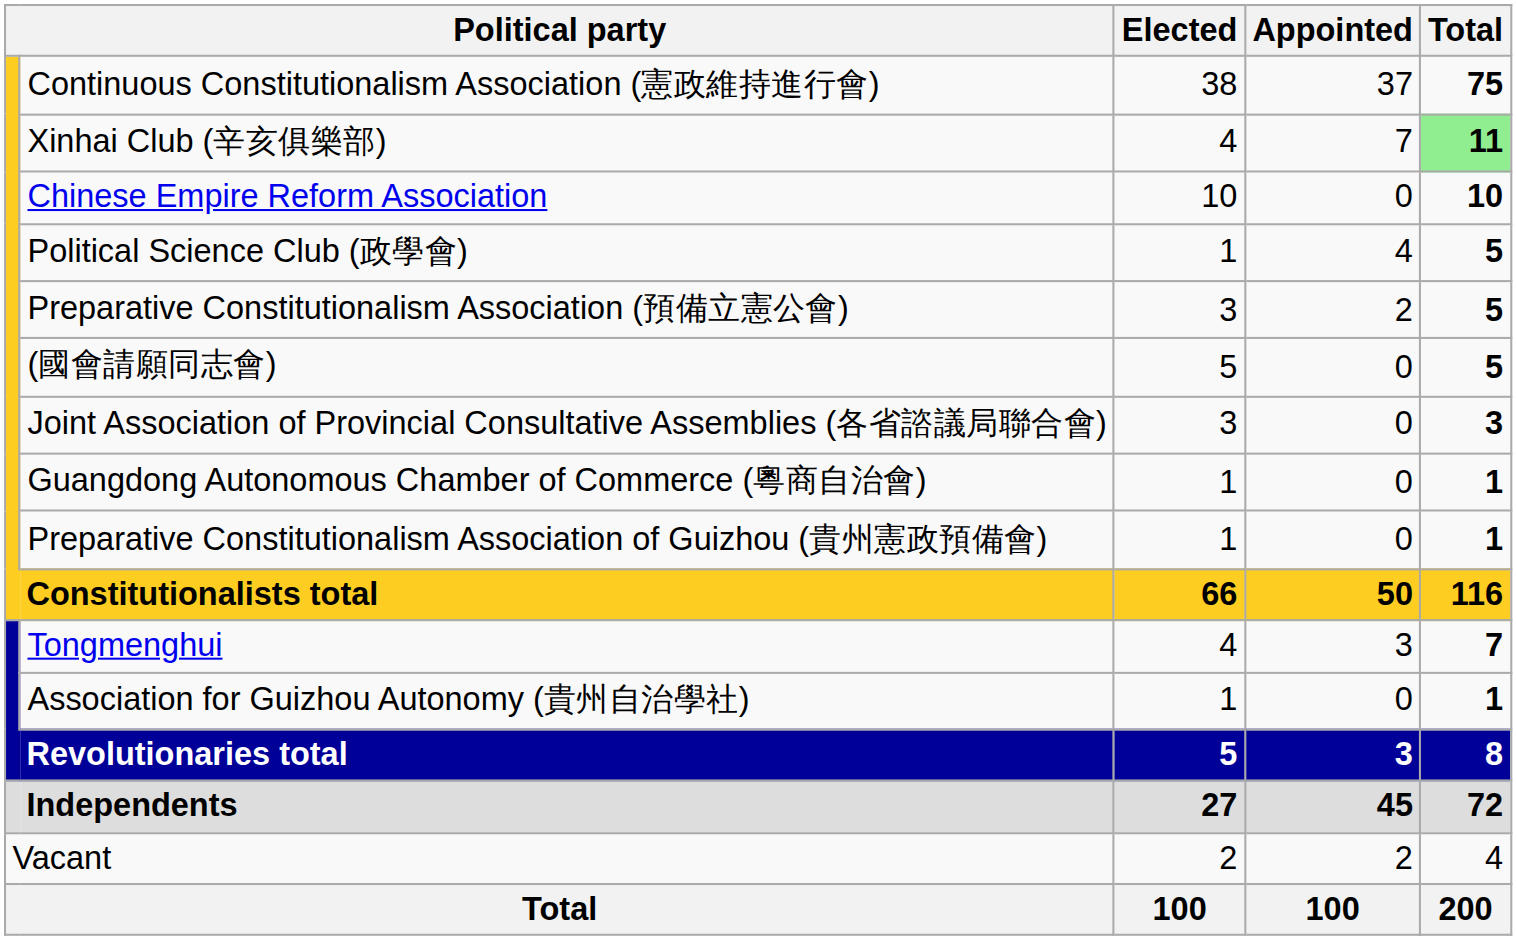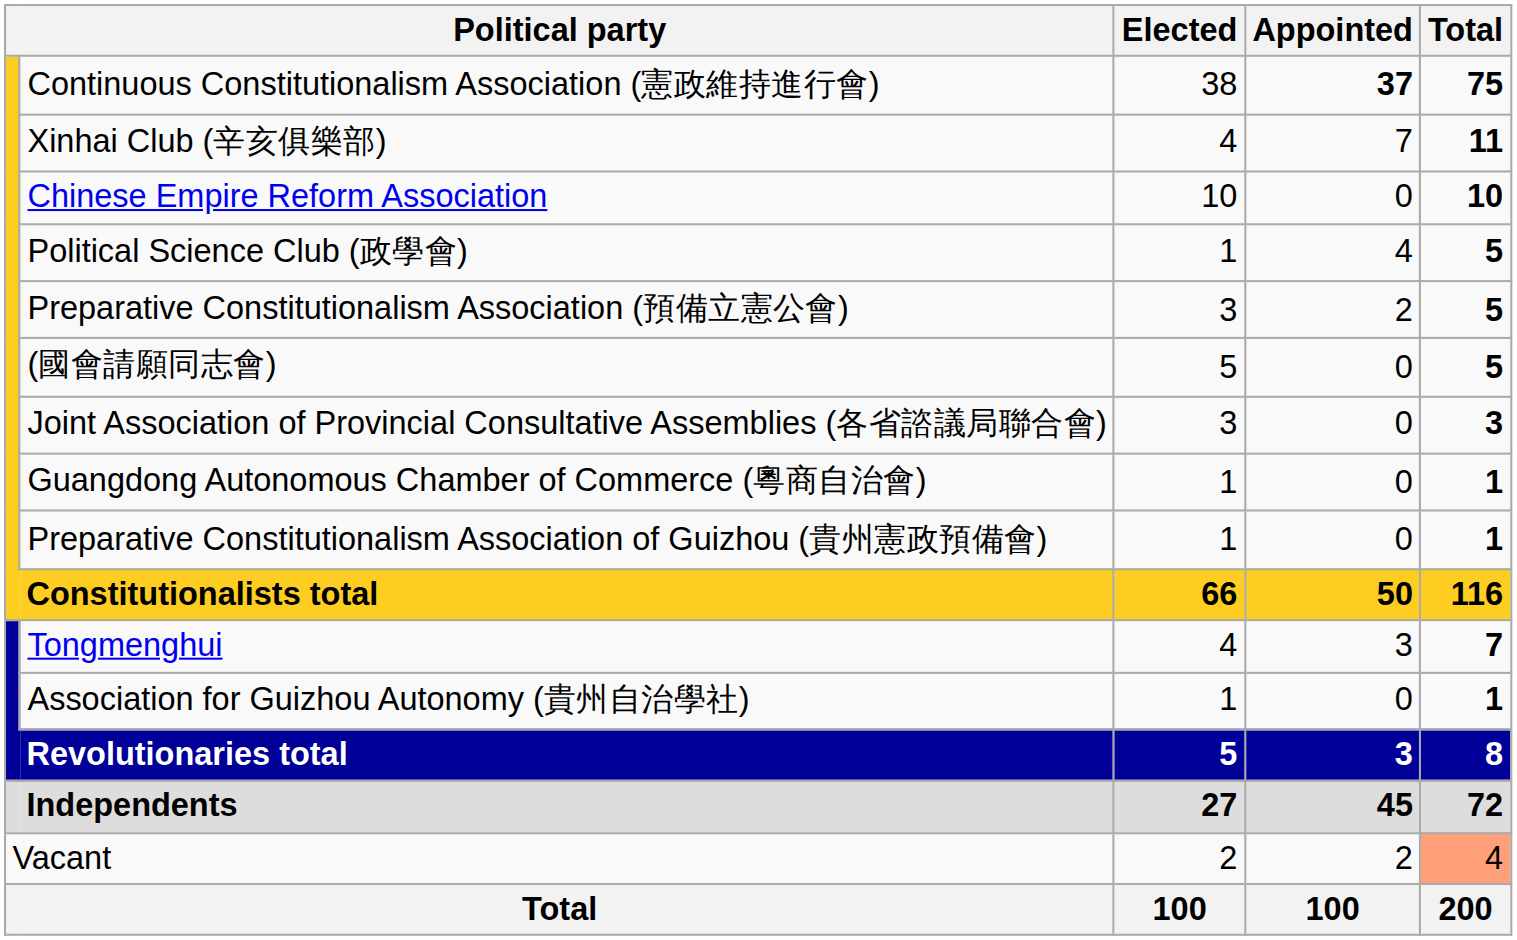 <table class="wikitable" style="text-align:right;">
 <tr>
 <th colspan="2">Political party</th>
 <th>Elected</th>
 <th>Appointed</th>
 <th>Total</th>
 </tr>
 <tr>
 <td rowspan="10" bgcolor=#FECD21></td>
 <td align=left>Continuous Constitutionalism Association (憲政維持進行會)</td>
 <td>38</td>
-<td>37</td>
+<td><strong>37</strong></td>
 <td><strong>75</strong></td>
 </tr>
 <tr>
 <td align=left>Xinhai Club (辛亥俱樂部)</td>
 <td>4</td>
 <td>7</td>
-<td style="background: lightgreen;"><strong>11</strong></td>
+<td><strong>11</strong></td>
 </tr>
 <tr>
 <td align="left"><a href='#'>Chinese Empire Reform Association</a></td>
 <td>10</td>
 <td>0</td>
 <td><strong>10</strong></td>
 </tr>
 <tr>
 <td align="left">Political Science Club (政學會)</td>
 <td>1</td>
 <td>4</td>
 <td><strong>5</strong></td>
 </tr>
 <tr>
 <td align=left>Preparative Constitutionalism Association (預備立憲公會)</td>
 <td>3</td>
 <td>2</td>
 <td><strong>5</strong></td>
 </tr>
 <tr>
 <td align=left> (國會請願同志會)</td>
 <td>5</td>
 <td>0</td>
 <td><strong>5</strong></td>
 </tr>
 <tr>
 <td align=left>Joint Association of Provincial Consultative Assemblies (各省諮議局聯合會)</td>
 <td>3</td>
 <td>0</td>
 <td><strong>3</strong></td>
 </tr>
 <tr>
 <td align=left>Guangdong Autonomous Chamber of Commerce (粵商自治會)</td>
 <td>1</td>
 <td>0</td>
 <td><strong>1</strong></td>
 </tr>
 <tr>
 <td align=left>Preparative Constitutionalism Association of Guizhou (貴州憲政預備會)</td>
 <td>1</td>
 <td>0</td>
 <td><strong>1</strong></td>
 </tr>
 <tr>
 <td align=left bgcolor=#FECD21 style="border-left-style:hidden;"><strong>Constitutionalists total</strong></td>
 <td bgcolor=#FECD21><strong>66</strong></td>
 <td bgcolor=#FECD21><strong>50</strong></td>
 <td bgcolor=#FECD21><strong>116</strong></td>
 </tr>
 <tr>
 <td rowspan="3" bgcolor=#000099></td>
 <td align=left><a href='#'>Tongmenghui</a></td>
 <td>4</td>
 <td>3</td>
 <td><strong>7</strong></td>
 </tr>
 <tr>
 <td align=left>Association for Guizhou Autonomy (貴州自治學社)</td>
 <td>1</td>
 <td>0</td>
 <td><strong>1</strong></td>
 </tr>
 <tr>
 <td align=left bgcolor=#000099 style="color:white;border-left-style:hidden;"><strong>Revolutionaries total</strong></td>
 <td bgcolor=#000099 style=color:white><strong>5</strong></td>
 <td bgcolor=#000099 style=color:white><strong>3</strong></td>
 <td bgcolor=#000099 style=color:white><strong>8</strong></td>
 </tr>
 <tr>
 <td bgcolor=#DDDDDD></td>
 <td align=left bgcolor=#DDDDDD style="border-left-style:hidden;"><strong>Independents</strong></td>
 <td bgcolor=#DDDDDD><strong>27</strong></td>
 <td bgcolor=#DDDDDD><strong>45</strong></td>
 <td bgcolor=#DDDDDD><strong>72</strong></td>
 </tr>
 <tr>
 <td align=left colspan="2">Vacant</td>
 <td>2</td>
 <td>2</td>
-<td>4</td>
+<td style="background: lightsalmon;">4</td>
 </tr>
 <tr>
 <th colspan="2">Total</th>
 <th>100</th>
 <th>100</th>
 <th>200</th>
 </tr>
 </table>
